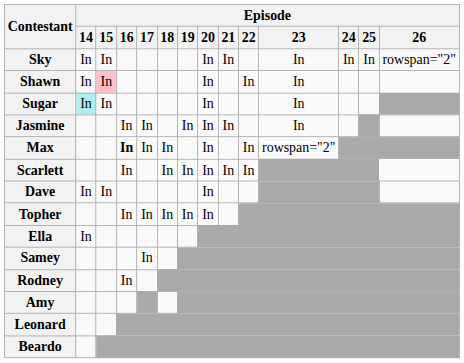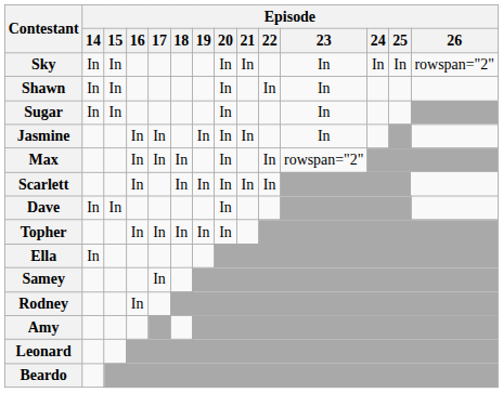 <table class="wikitable" style="text-align: center;">
 <tr>
 <th rowspan="2">Contestant</th>
 <th colspan="100%">Episode</th>
 </tr>
 <tr>
 <th>14</th>
 <th>15</th>
 <th>16</th>
 <th>17</th>
 <th>18</th>
 <th>19</th>
 <th>20</th>
 <th>21</th>
 <th>22</th>
 <th>23</th>
 <th>24</th>
 <th>25</th>
 <th>26</th>
 </tr>
 <tr>
 <th scope="row">Sky</th>
 <td>In</td>
 <td>In</td>
 <td></td>
 <td></td>
 <td></td>
 <td></td>
 <td>In</td>
 <td>In</td>
 <td></td>
 <td>In</td>
 <td>In</td>
 <td>In</td>
 <td>rowspan="2" </td>
 </tr>
 <tr>
 <th scope="row">Shawn</th>
 <td>In</td>
-<td style="background: pink;">In</td>
+<td>In</td>
 <td></td>
 <td></td>
 <td></td>
 <td></td>
 <td>In</td>
 <td></td>
 <td>In</td>
 <td>In</td>
 <td></td>
 <td></td>
 </tr>
 <tr>
 <th scope="row">Sugar</th>
-<td style="background: paleturquoise;">In</td>
+<td>In</td>
 <td>In</td>
 <td></td>
 <td></td>
 <td></td>
 <td></td>
 <td>In</td>
 <td></td>
 <td></td>
 <td>In</td>
 <td></td>
 <td></td>
 <td colspan="1" style="background:darkgray; border:none;"></td>
 </tr>
 <tr>
 <th scope="row">Jasmine</th>
 <td></td>
 <td></td>
 <td>In</td>
 <td>In</td>
 <td></td>
 <td>In</td>
 <td>In</td>
 <td>In</td>
 <td></td>
 <td>In</td>
 <td></td>
 <td colspan="1" style="background:darkgray; border:none;"></td>
 <td></td>
 </tr>
 <tr>
 <th scope="row">Max</th>
 <td></td>
 <td></td>
-<td><strong>In</strong></td>
+<td>In</td>
 <td>In</td>
 <td>In</td>
 <td></td>
 <td>In</td>
 <td></td>
 <td>In</td>
 <td>rowspan="2"  </td>
 <td colspan="3" style="background:darkgray; border:none;"></td>
 </tr>
 <tr>
 <th scope="row">Scarlett</th>
 <td></td>
 <td></td>
 <td>In</td>
 <td></td>
 <td>In</td>
 <td>In</td>
 <td>In</td>
 <td>In</td>
 <td>In</td>
 <td colspan="3" style="background:darkgray; border:none;"></td>
 </tr>
 <tr>
 <th scope="row">Dave</th>
 <td>In</td>
 <td>In</td>
 <td></td>
 <td></td>
 <td></td>
 <td></td>
 <td>In</td>
 <td></td>
 <td></td>
 <td colspan="3" style="background:darkgray; border:none;"></td>
 <td></td>
 </tr>
 <tr>
 <th scope="row">Topher</th>
 <td></td>
 <td></td>
 <td>In</td>
 <td>In</td>
 <td>In</td>
 <td>In</td>
 <td>In</td>
 <td></td>
 <td colspan="5" style="background:darkgray; border:none;"></td>
 </tr>
 <tr>
 <th scope="row">Ella</th>
 <td>In</td>
 <td></td>
 <td></td>
 <td></td>
 <td></td>
 <td></td>
 <td colspan="7" style="background:darkgray; border:none;"></td>
 </tr>
 <tr>
 <th scope="row">Samey</th>
 <td></td>
 <td></td>
 <td></td>
 <td>In</td>
 <td></td>
 <td colspan="8" style="background:darkgray; border:none;"></td>
 </tr>
 <tr>
 <th scope="row">Rodney</th>
 <td></td>
 <td></td>
 <td>In</td>
 <td></td>
 <td colspan="9" style="background:darkgray; border:none;"></td>
 </tr>
 <tr>
 <th scope="row">Amy</th>
 <td></td>
 <td></td>
 <td></td>
 <td colspan="1" style="background:darkgray; border:none;"></td>
 <td></td>
 <td colspan="8" style="background:darkgray; border:none;"></td>
 </tr>
 <tr>
 <th scope="row">Leonard</th>
 <td></td>
 <td></td>
 <td colspan="11" style="background:darkgray; border:none;"></td>
 </tr>
 <tr>
 <th scope="row">Beardo</th>
 <td></td>
 <td colspan="12" style="background:darkgray; border:none;"></td>
 </tr>
 </table>
